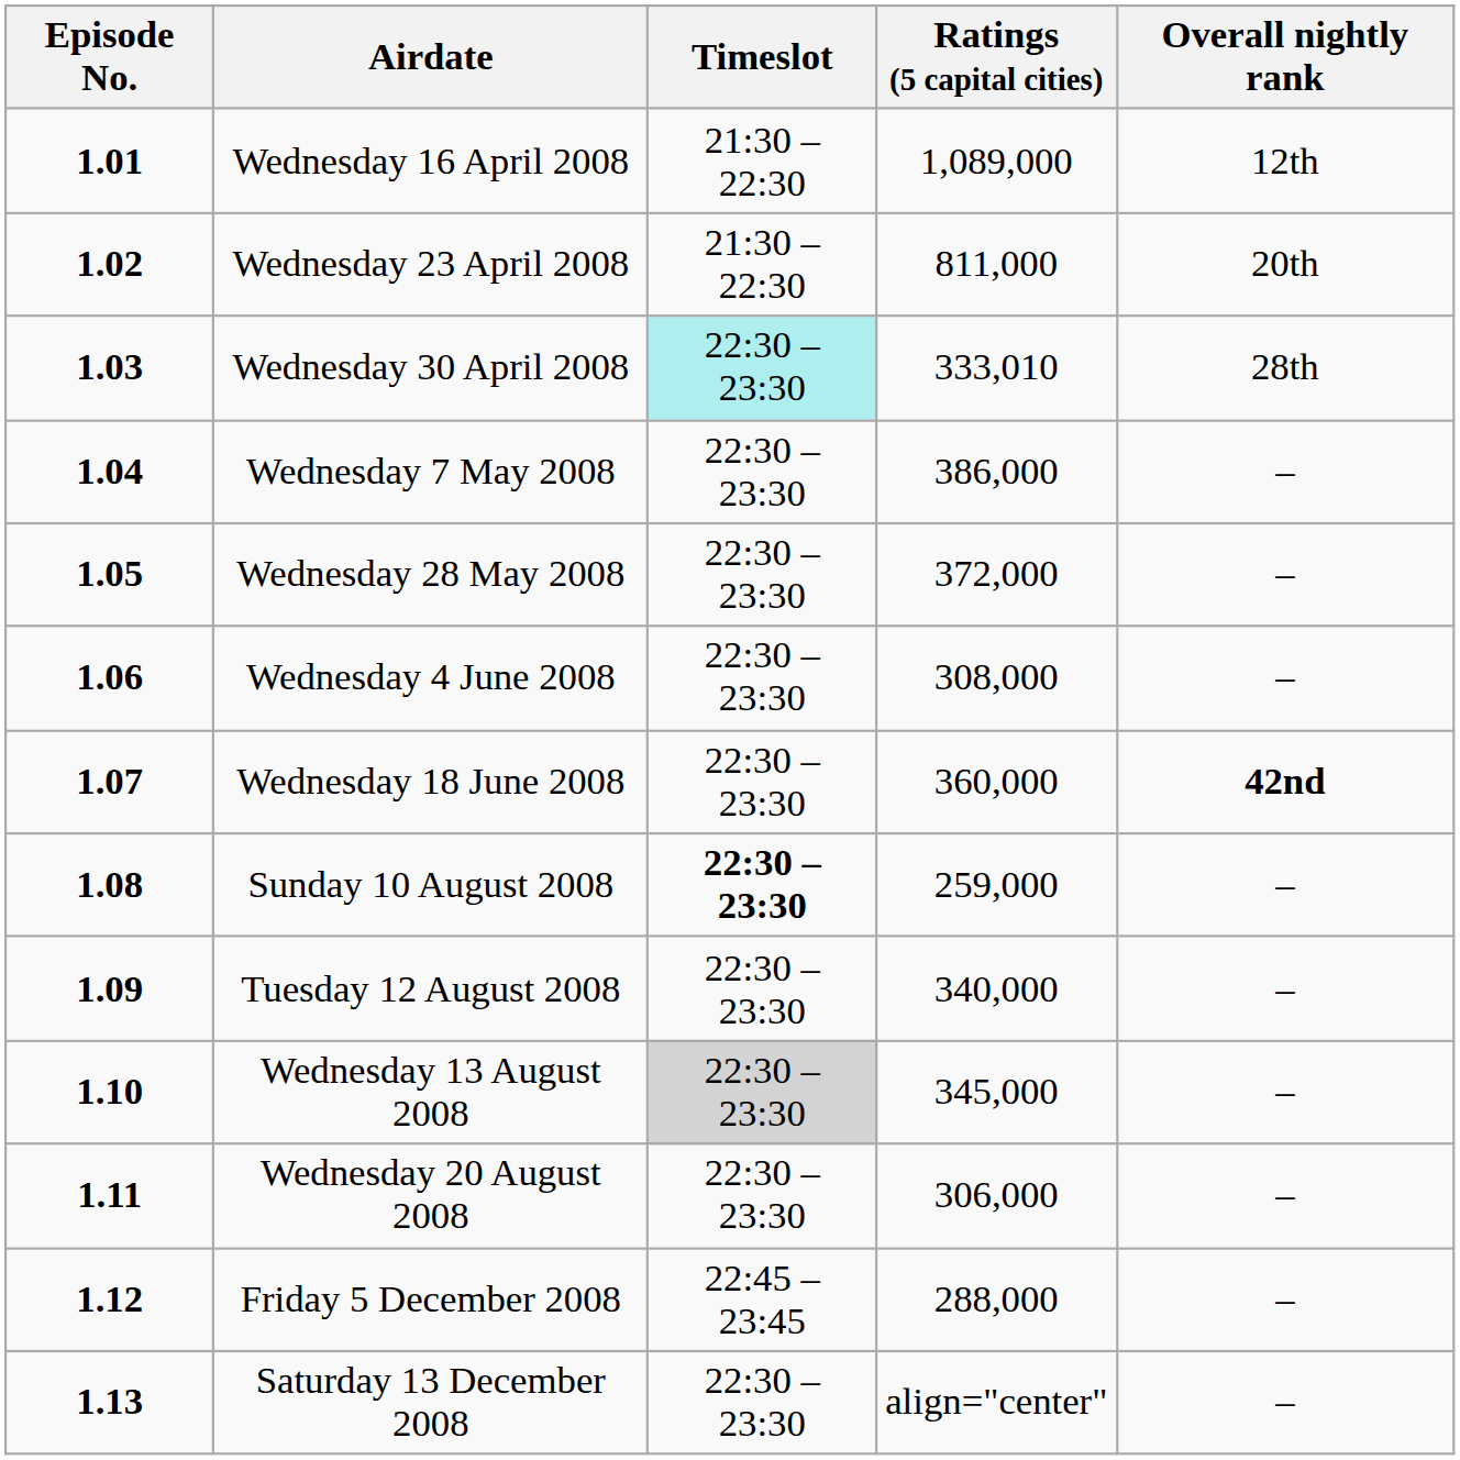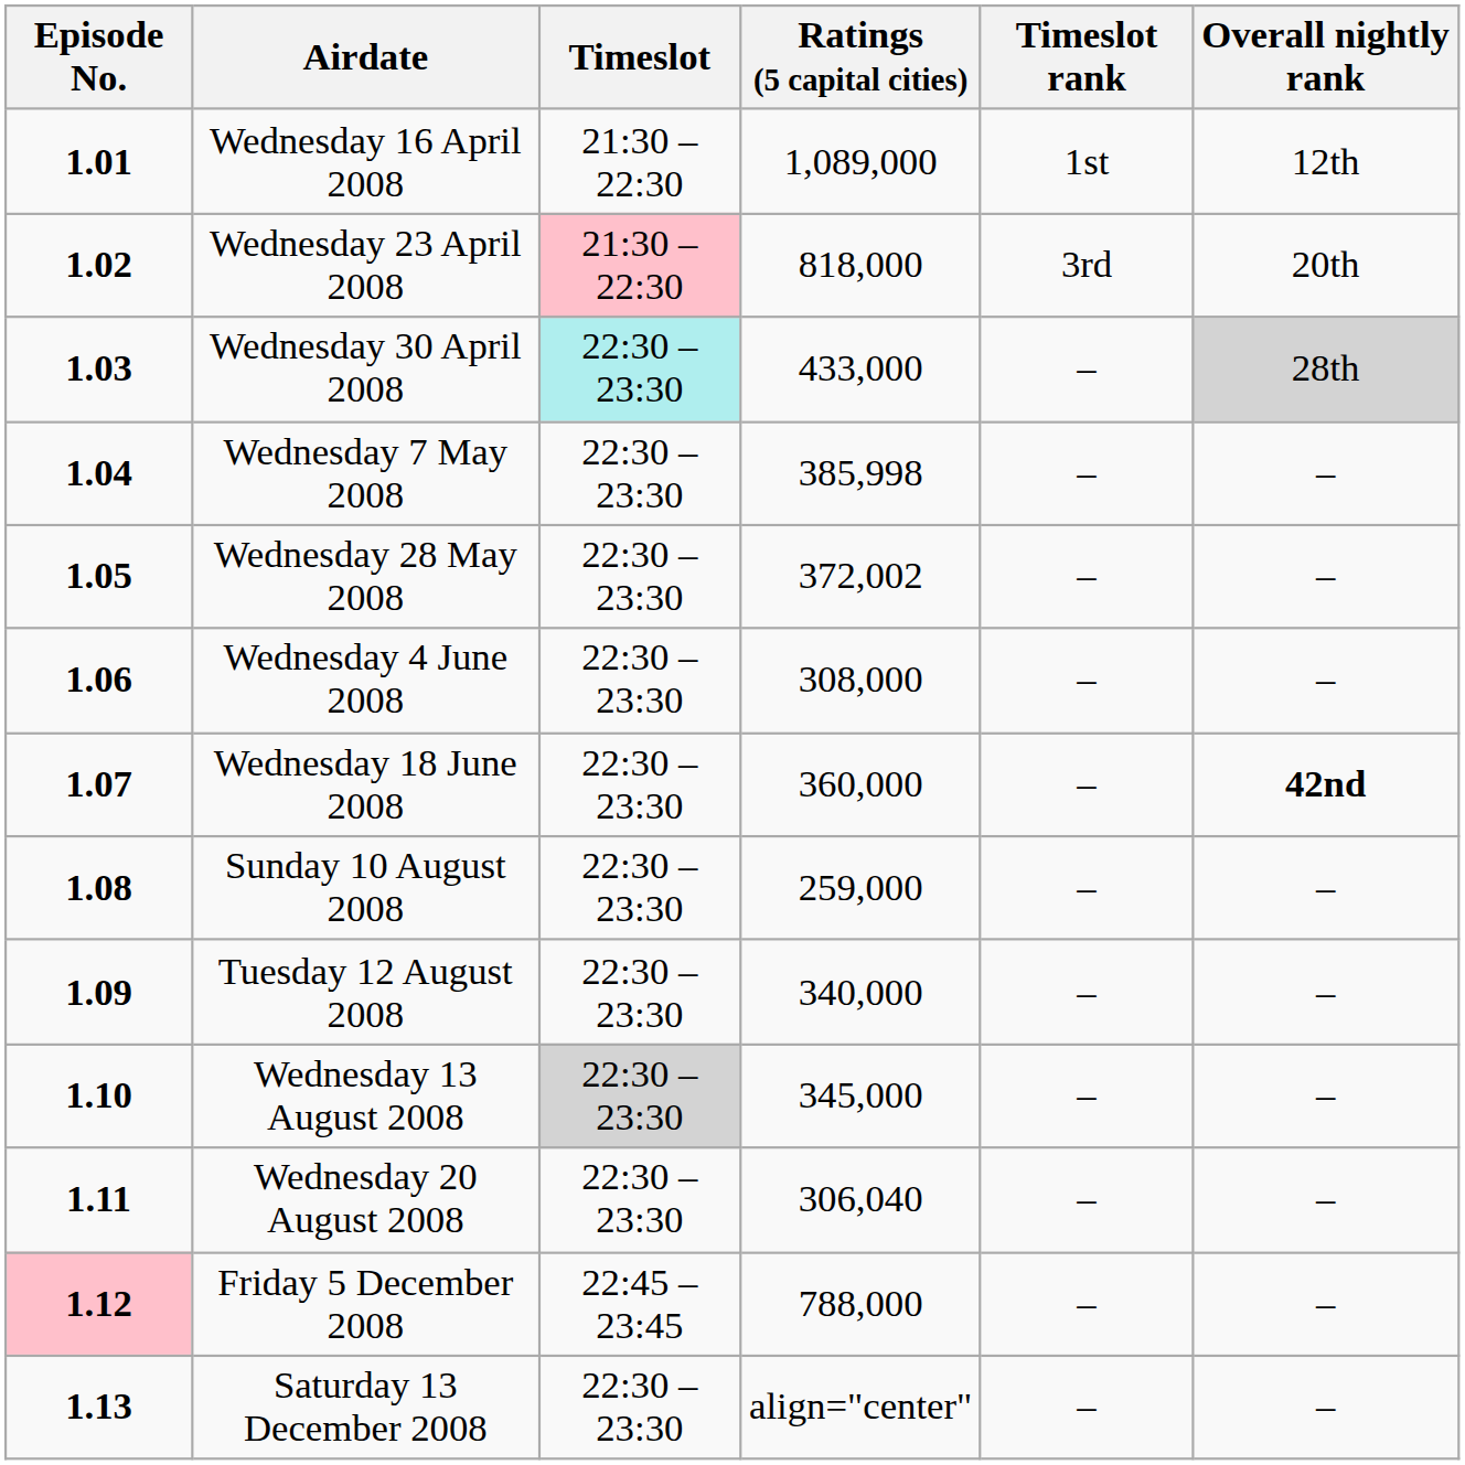 <table class="wikitable sortable">
 <tr>
 <th>Episode No.</th>
 <th>Airdate</th>
 <th>Timeslot</th>
 <th>Ratings<br><small>(5 capital cities)</small></th>
+<th>Timeslot rank</th>
 <th>Overall nightly rank</th>
 </tr>
 <tr>
 <td align="center"><strong>1.01</strong></td>
 <td align="center">Wednesday 16 April 2008</td>
 <td align="center">21:30 – 22:30</td>
 <td align="center">1,089,000</td>
+<td align="center">1st</td>
 <td align="center">12th</td>
 </tr>
 <tr>
 <td align="center"><strong>1.02</strong></td>
 <td align="center">Wednesday 23 April 2008</td>
-<td align="center">21:30 – 22:30</td>
-<td align="center">811,000</td>
+<td align="center" style="background: pink;">21:30 – 22:30</td>
+<td align="center">818,000</td>
+<td align="center">3rd</td>
 <td align="center">20th</td>
 </tr>
 <tr>
 <td align="center"><strong>1.03</strong></td>
 <td align="center">Wednesday 30 April 2008</td>
 <td align="center" style="background: paleturquoise;">22:30 – 23:30</td>
-<td align="center">333,010</td>
-<td align="center">28th</td>
+<td align="center">433,000</td>
+<td align="center">–</td>
+<td align="center" style="background: lightgrey;">28th</td>
 </tr>
 <tr>
 <td align="center"><strong>1.04</strong></td>
 <td align="center">Wednesday 7 May 2008</td>
 <td align="center">22:30 – 23:30</td>
-<td align="center">386,000</td>
+<td align="center">385,998</td>
+<td align="center">–</td>
 <td align="center">–</td>
 </tr>
 <tr>
 <td align="center"><strong>1.05</strong></td>
 <td align="center">Wednesday 28 May 2008</td>
 <td align="center">22:30 – 23:30</td>
-<td align="center">372,000</td>
+<td align="center">372,002</td>
+<td align="center">–</td>
 <td align="center">–</td>
 </tr>
 <tr>
 <td align="center"><strong>1.06</strong></td>
 <td align="center">Wednesday 4 June 2008</td>
 <td align="center">22:30 – 23:30</td>
 <td align="center">308,000</td>
 <td align="center">–</td>
+<td align="center">–</td>
 </tr>
 <tr>
 <td align="center"><strong>1.07</strong></td>
 <td align="center">Wednesday 18 June 2008</td>
 <td align="center">22:30 – 23:30</td>
 <td align="center">360,000</td>
+<td align="center">–</td>
 <td align="center"><strong>42nd</strong></td>
 </tr>
 <tr>
 <td align="center"><strong>1.08</strong></td>
 <td align="center">Sunday 10 August 2008</td>
-<td align="center"><strong>22:30 – 23:30</strong></td>
+<td align="center">22:30 – 23:30</td>
 <td align="center">259,000</td>
+<td align="center">–</td>
 <td align="center">–</td>
 </tr>
 <tr>
 <td align="center"><strong>1.09</strong></td>
 <td align="center">Tuesday 12 August 2008</td>
 <td align="center">22:30 – 23:30</td>
 <td align="center">340,000</td>
 <td align="center">–</td>
+<td align="center">–</td>
 </tr>
 <tr>
 <td align="center"><strong>1.10</strong></td>
 <td align="center">Wednesday 13 August 2008</td>
 <td align="center" style="background: lightgrey;">22:30 – 23:30</td>
 <td align="center">345,000</td>
 <td align="center">–</td>
+<td align="center">–</td>
 </tr>
 <tr>
 <td align="center"><strong>1.11</strong></td>
 <td align="center">Wednesday 20 August 2008</td>
 <td align="center">22:30 – 23:30</td>
-<td align="center">306,000</td>
+<td align="center">306,040</td>
+<td align="center">–</td>
 <td align="center">–</td>
 </tr>
 <tr>
-<td align="center"><strong>1.12</strong></td>
+<td align="center" style="background: pink;"><strong>1.12</strong></td>
 <td align="center">Friday 5 December 2008</td>
 <td align="center">22:45 – 23:45</td>
-<td align="center">288,000</td>
+<td align="center">788,000</td>
+<td align="center">–</td>
 <td align="center">–</td>
 </tr>
 <tr>
 <td align="center"><strong>1.13</strong></td>
 <td align="center">Saturday 13 December 2008</td>
 <td align="center">22:30 – 23:30</td>
 <td>align="center" </td>
 <td align="center">–</td>
+<td align="center">–</td>
 </tr>
 </table>
